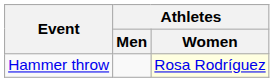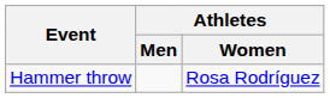 <table class=wikitable style="font-size:90%">
 <tr>
 <th rowspan=2>Event</th>
 <th colspan=2>Athletes</th>
 </tr>
 <tr>
 <th>Men</th>
 <th>Women</th>
 </tr>
 <tr>
 <td><a href='#'>Hammer throw</a></td>
 <td></td>
-<td style="background: lightyellow;"><a href='#'>Rosa Rodríguez</a></td>
+<td><a href='#'>Rosa Rodríguez</a></td>
 </tr>
 </table>
